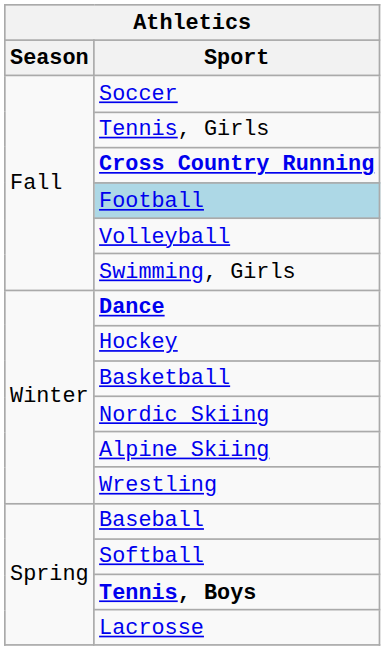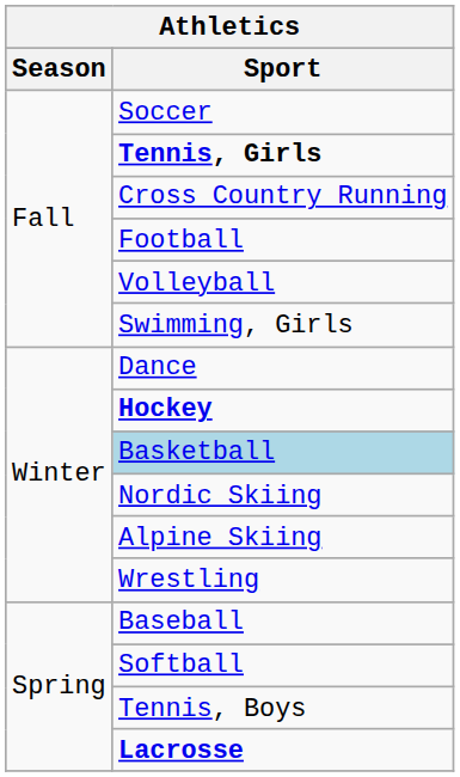 <table class="wikitable">
 <tr>
 <th colspan="2">Athletics</th>
 </tr>
 <tr>
 <th>Season</th>
 <th>Sport</th>
 </tr>
 <tr>
 <td rowspan="6">Fall</td>
 <td><a href='#'>Soccer</a></td>
 </tr>
 <tr>
-<td><a href='#'>Tennis</a>, Girls</td>
+<td><strong><a href='#'>Tennis</a>, Girls</strong></td>
 </tr>
 <tr>
-<td><strong><a href='#'>Cross Country Running</a></strong></td>
+<td><a href='#'>Cross Country Running</a></td>
 </tr>
 <tr>
-<td style="background: lightblue;"><a href='#'>Football</a></td>
+<td><a href='#'>Football</a></td>
 </tr>
 <tr>
 <td><a href='#'>Volleyball</a></td>
 </tr>
 <tr>
 <td><a href='#'>Swimming</a>, Girls</td>
 </tr>
 <tr>
 <td rowspan="6">Winter</td>
-<td><strong><a href='#'>Dance</a></strong></td>
+<td><a href='#'>Dance</a></td>
 </tr>
 <tr>
-<td><a href='#'>Hockey</a></td>
+<td><strong><a href='#'>Hockey</a></strong></td>
 </tr>
 <tr>
-<td><a href='#'>Basketball</a></td>
+<td style="background: lightblue;"><a href='#'>Basketball</a></td>
 </tr>
 <tr>
 <td><a href='#'>Nordic Skiing</a></td>
 </tr>
 <tr>
 <td><a href='#'>Alpine Skiing</a></td>
 </tr>
 <tr>
 <td><a href='#'>Wrestling</a></td>
 </tr>
 <tr>
 <td rowspan="4">Spring</td>
 <td><a href='#'>Baseball</a></td>
 </tr>
 <tr>
 <td><a href='#'>Softball</a></td>
 </tr>
 <tr>
-<td><strong><a href='#'>Tennis</a>, Boys</strong></td>
+<td><a href='#'>Tennis</a>, Boys</td>
 </tr>
 <tr>
-<td><a href='#'>Lacrosse</a></td>
+<td><strong><a href='#'>Lacrosse</a></strong></td>
 </tr>
 </table>
